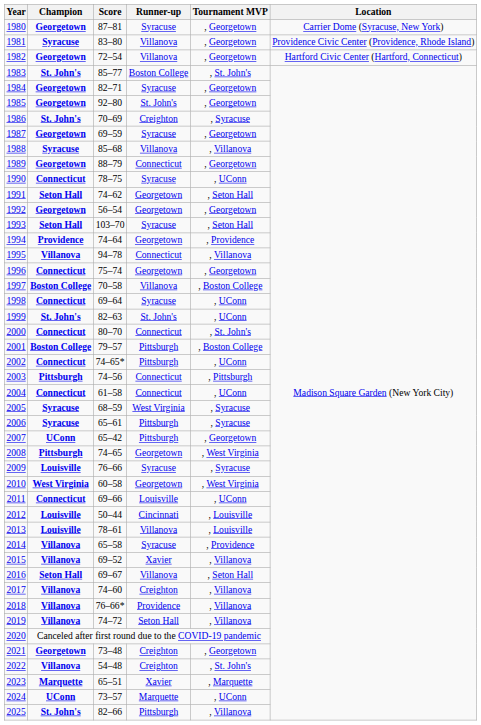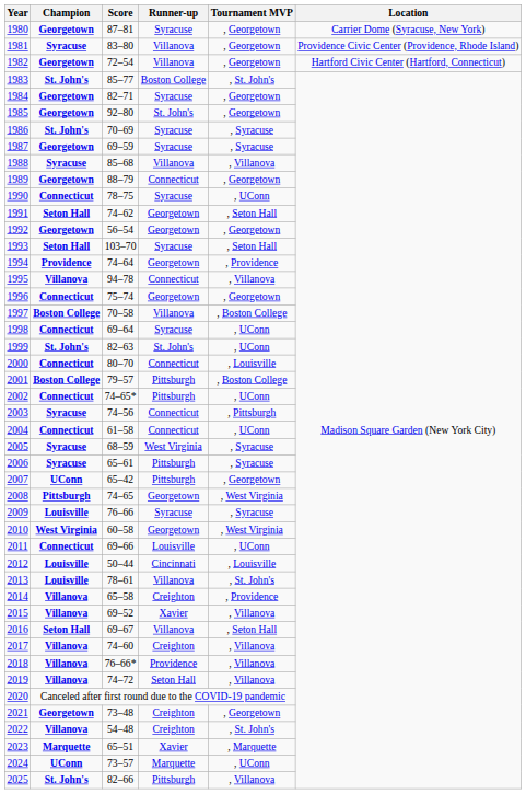 <table class="wikitable sortable" style="text-align:center">
 <tr>
 <th width=px>Year</th>
 <th width=px>Champion</th>
 <th width=px>Score</th>
 <th width=px>Runner-up</th>
 <th width=px>Tournament MVP</th>
 <th width=px>Location</th>
 </tr>
 <tr>
 <td><a href='#'>1980</a></td>
 <td><strong><a href='#'>Georgetown</a></strong></td>
 <td>87–81</td>
 <td><a href='#'>Syracuse</a></td>
 <td>, <a href='#'>Georgetown</a></td>
 <td><a href='#'>Carrier Dome</a> (<a href='#'>Syracuse, New York</a>)</td>
 </tr>
 <tr>
 <td><a href='#'>1981</a></td>
 <td><strong><a href='#'>Syracuse</a></strong></td>
 <td>83–80</td>
 <td><a href='#'>Villanova</a></td>
 <td>, <a href='#'>Georgetown</a></td>
 <td><a href='#'>Providence Civic Center</a> (<a href='#'>Providence, Rhode Island</a>)</td>
 </tr>
 <tr>
 <td><a href='#'>1982</a></td>
 <td><strong><a href='#'>Georgetown</a></strong></td>
 <td>72–54</td>
 <td><a href='#'>Villanova</a></td>
 <td>, <a href='#'>Georgetown</a></td>
 <td><a href='#'>Hartford Civic Center</a> (<a href='#'>Hartford, Connecticut</a>)</td>
 </tr>
 <tr>
 <td><a href='#'>1983</a></td>
 <td><strong><a href='#'>St. John's</a></strong></td>
 <td>85–77</td>
 <td><a href='#'>Boston College</a></td>
 <td>, <a href='#'>St. John's</a></td>
 <td rowspan="43"><a href='#'>Madison Square Garden</a> (New York City)</td>
 </tr>
 <tr>
 <td><a href='#'>1984</a></td>
 <td><strong><a href='#'>Georgetown</a></strong></td>
 <td>82–71</td>
 <td><a href='#'>Syracuse</a></td>
 <td>, <a href='#'>Georgetown</a></td>
 </tr>
 <tr>
 <td><a href='#'>1985</a></td>
 <td><strong><a href='#'>Georgetown</a></strong></td>
 <td>92–80</td>
 <td><a href='#'>St. John's</a></td>
 <td>, <a href='#'>Georgetown</a></td>
 </tr>
 <tr>
 <td><a href='#'>1986</a></td>
 <td><strong><a href='#'>St. John's</a></strong></td>
 <td>70–69</td>
-<td><a href='#'>Creighton</a></td>
+<td><a href='#'>Syracuse</a></td>
 <td>, <a href='#'>Syracuse</a></td>
 </tr>
 <tr>
 <td><a href='#'>1987</a></td>
 <td><strong><a href='#'>Georgetown</a></strong></td>
 <td>69–59</td>
 <td><a href='#'>Syracuse</a></td>
-<td>, <a href='#'>Georgetown</a></td>
+<td>, <a href='#'>Syracuse</a></td>
 </tr>
 <tr>
 <td><a href='#'>1988</a></td>
 <td><strong><a href='#'>Syracuse</a></strong></td>
 <td>85–68</td>
 <td><a href='#'>Villanova</a></td>
 <td>, <a href='#'>Villanova</a></td>
 </tr>
 <tr>
 <td><a href='#'>1989</a></td>
 <td><strong><a href='#'>Georgetown</a></strong></td>
 <td>88–79</td>
 <td><a href='#'>Connecticut</a></td>
 <td>, <a href='#'>Georgetown</a></td>
 </tr>
 <tr>
 <td><a href='#'>1990</a></td>
 <td><strong><a href='#'>Connecticut</a></strong></td>
 <td>78–75</td>
 <td><a href='#'>Syracuse</a></td>
 <td>, <a href='#'>UConn</a></td>
 </tr>
 <tr>
 <td><a href='#'>1991</a></td>
 <td><strong><a href='#'>Seton Hall</a></strong></td>
 <td>74–62</td>
 <td><a href='#'>Georgetown</a></td>
 <td>, <a href='#'>Seton Hall</a></td>
 </tr>
 <tr>
 <td><a href='#'>1992</a></td>
 <td><strong><a href='#'>Georgetown</a></strong></td>
 <td>56–54</td>
 <td><a href='#'>Georgetown</a></td>
 <td>, <a href='#'>Georgetown</a></td>
 </tr>
 <tr>
 <td><a href='#'>1993</a></td>
 <td><strong><a href='#'>Seton Hall</a></strong></td>
 <td>103–70</td>
 <td><a href='#'>Syracuse</a></td>
 <td>, <a href='#'>Seton Hall</a></td>
 </tr>
 <tr>
 <td><a href='#'>1994</a></td>
 <td><strong><a href='#'>Providence</a></strong></td>
 <td>74–64</td>
 <td><a href='#'>Georgetown</a></td>
 <td>, <a href='#'>Providence</a></td>
 </tr>
 <tr>
 <td><a href='#'>1995</a></td>
 <td><strong><a href='#'>Villanova</a></strong></td>
 <td>94–78</td>
 <td><a href='#'>Connecticut</a></td>
 <td>, <a href='#'>Villanova</a></td>
 </tr>
 <tr>
 <td><a href='#'>1996</a></td>
 <td><strong><a href='#'>Connecticut</a></strong></td>
 <td>75–74</td>
 <td><a href='#'>Georgetown</a></td>
 <td>, <a href='#'>Georgetown</a></td>
 </tr>
 <tr>
 <td><a href='#'>1997</a></td>
 <td><strong><a href='#'>Boston College</a></strong></td>
 <td>70–58</td>
 <td><a href='#'>Villanova</a></td>
 <td>, <a href='#'>Boston College</a></td>
 </tr>
 <tr>
 <td><a href='#'>1998</a></td>
 <td><strong><a href='#'>Connecticut</a></strong></td>
 <td>69–64</td>
 <td><a href='#'>Syracuse</a></td>
 <td>, <a href='#'>UConn</a></td>
 </tr>
 <tr>
 <td><a href='#'>1999</a></td>
 <td><strong><a href='#'>St. John's</a></strong></td>
 <td>82–63</td>
 <td><a href='#'>St. John's</a></td>
 <td>, <a href='#'>UConn</a></td>
 </tr>
 <tr>
 <td><a href='#'>2000</a></td>
 <td><strong><a href='#'>Connecticut</a></strong></td>
 <td>80–70</td>
 <td><a href='#'>Connecticut</a></td>
-<td>, <a href='#'>St. John's</a></td>
+<td>, <a href='#'>Louisville</a></td>
 </tr>
 <tr>
 <td><a href='#'>2001</a></td>
 <td><strong><a href='#'>Boston College</a></strong></td>
 <td>79–57</td>
 <td><a href='#'>Pittsburgh</a></td>
 <td>, <a href='#'>Boston College</a></td>
 </tr>
 <tr>
 <td><a href='#'>2002</a></td>
 <td><strong><a href='#'>Connecticut</a></strong></td>
 <td>74–65*</td>
 <td><a href='#'>Pittsburgh</a></td>
 <td>, <a href='#'>UConn</a></td>
 </tr>
 <tr>
 <td><a href='#'>2003</a></td>
-<td><strong><a href='#'>Pittsburgh</a></strong></td>
+<td><strong><a href='#'>Syracuse</a></strong></td>
 <td>74–56</td>
 <td><a href='#'>Connecticut</a></td>
 <td>, <a href='#'>Pittsburgh</a></td>
 </tr>
 <tr>
 <td><a href='#'>2004</a></td>
 <td><strong><a href='#'>Connecticut</a></strong></td>
 <td>61–58</td>
 <td><a href='#'>Connecticut</a></td>
 <td>, <a href='#'>UConn</a></td>
 </tr>
 <tr>
 <td><a href='#'>2005</a></td>
 <td><strong><a href='#'>Syracuse</a></strong></td>
 <td>68–59</td>
 <td><a href='#'>West Virginia</a></td>
 <td>, <a href='#'>Syracuse</a></td>
 </tr>
 <tr>
 <td><a href='#'>2006</a></td>
 <td><strong><a href='#'>Syracuse</a></strong></td>
 <td>65–61</td>
 <td><a href='#'>Pittsburgh</a></td>
 <td>, <a href='#'>Syracuse</a></td>
 </tr>
 <tr>
 <td><a href='#'>2007</a></td>
 <td><strong><a href='#'>UConn</a></strong></td>
 <td>65–42</td>
 <td><a href='#'>Pittsburgh</a></td>
 <td>, <a href='#'>Georgetown</a></td>
 </tr>
 <tr>
 <td><a href='#'>2008</a></td>
 <td><strong><a href='#'>Pittsburgh</a></strong></td>
 <td>74–65</td>
 <td><a href='#'>Georgetown</a></td>
 <td>, <a href='#'>West Virginia</a></td>
 </tr>
 <tr>
 <td><a href='#'>2009</a></td>
 <td><strong><a href='#'>Louisville</a></strong></td>
 <td>76–66</td>
 <td><a href='#'>Syracuse</a></td>
 <td>, <a href='#'>Syracuse</a></td>
 </tr>
 <tr>
 <td><a href='#'>2010</a></td>
 <td><strong><a href='#'>West Virginia</a></strong></td>
 <td>60–58</td>
 <td><a href='#'>Georgetown</a></td>
 <td>, <a href='#'>West Virginia</a></td>
 </tr>
 <tr>
 <td><a href='#'>2011</a></td>
 <td><strong><a href='#'>Connecticut</a></strong></td>
 <td>69–66</td>
 <td><a href='#'>Louisville</a></td>
 <td>, <a href='#'>UConn</a></td>
 </tr>
 <tr>
 <td><a href='#'>2012</a></td>
 <td><strong><a href='#'>Louisville</a></strong></td>
 <td>50–44</td>
 <td><a href='#'>Cincinnati</a></td>
 <td>, <a href='#'>Louisville</a></td>
 </tr>
 <tr>
 <td><a href='#'>2013</a></td>
 <td><strong><a href='#'>Louisville</a></strong></td>
 <td>78–61</td>
 <td><a href='#'>Villanova</a></td>
-<td>, <a href='#'>Louisville</a></td>
+<td>, <a href='#'>St. John's</a></td>
 </tr>
 <tr>
 <td><a href='#'>2014</a></td>
 <td><strong><a href='#'>Villanova</a></strong></td>
 <td>65–58</td>
-<td><a href='#'>Syracuse</a></td>
+<td><a href='#'>Creighton</a></td>
 <td>, <a href='#'>Providence</a></td>
 </tr>
 <tr>
 <td><a href='#'>2015</a></td>
 <td><strong><a href='#'>Villanova</a></strong></td>
 <td>69–52</td>
 <td><a href='#'>Xavier</a></td>
 <td>, <a href='#'>Villanova</a></td>
 </tr>
 <tr>
 <td><a href='#'>2016</a></td>
 <td><strong><a href='#'>Seton Hall</a></strong></td>
 <td>69–67</td>
 <td><a href='#'>Villanova</a></td>
 <td>, <a href='#'>Seton Hall</a></td>
 </tr>
 <tr>
 <td><a href='#'>2017</a></td>
 <td><strong><a href='#'>Villanova</a></strong></td>
 <td>74–60</td>
 <td><a href='#'>Creighton</a></td>
 <td>, <a href='#'>Villanova</a></td>
 </tr>
 <tr>
 <td><a href='#'>2018</a></td>
 <td><strong><a href='#'>Villanova</a></strong></td>
 <td>76–66*</td>
 <td><a href='#'>Providence</a></td>
 <td>, <a href='#'>Villanova</a></td>
 </tr>
 <tr>
 <td><a href='#'>2019</a></td>
 <td><strong><a href='#'>Villanova</a></strong></td>
 <td>74–72</td>
 <td><a href='#'>Seton Hall</a></td>
 <td>, <a href='#'>Villanova</a></td>
 </tr>
 <tr>
 <td><a href='#'>2020</a></td>
 <td colspan=4>Canceled after first round due to the <a href='#'>COVID-19 pandemic</a><em></td>
 </tr>
 <tr>
 <td><a href='#'>2021</a></td>
 <td><strong><a href='#'>Georgetown</a></strong></td>
 <td>73–48</td>
 <td><a href='#'>Creighton</a></td>
 <td>, <a href='#'>Georgetown</a></td>
 </tr>
 <tr>
 <td><a href='#'>2022</a></td>
 <td><strong><a href='#'>Villanova</a></strong></td>
 <td>54–48</td>
 <td><a href='#'>Creighton</a></td>
 <td>, <a href='#'>St. John's</a></td>
 </tr>
 <tr>
 <td><a href='#'>2023</a></td>
 <td><strong><a href='#'>Marquette</a></strong></td>
 <td>65–51</td>
 <td><a href='#'>Xavier</a></td>
 <td>, <a href='#'>Marquette</a></td>
 </tr>
 <tr>
 <td><a href='#'>2024</a></td>
 <td><strong><a href='#'>UConn</a></strong></td>
 <td>73–57</td>
 <td><a href='#'>Marquette</a></td>
 <td>, <a href='#'>UConn</a></td>
 </tr>
 <tr>
 <td><a href='#'>2025</a></td>
 <td><strong><a href='#'>St. John's</a></strong></td>
 <td>82–66</td>
 <td><a href='#'>Pittsburgh</a></td>
 <td>, <a href='#'>Villanova</a></td>
 </tr>
 </table>
